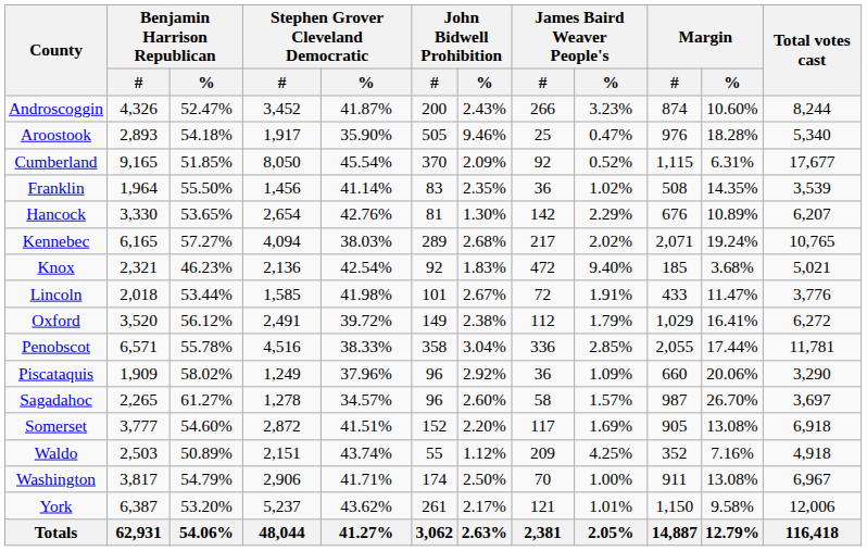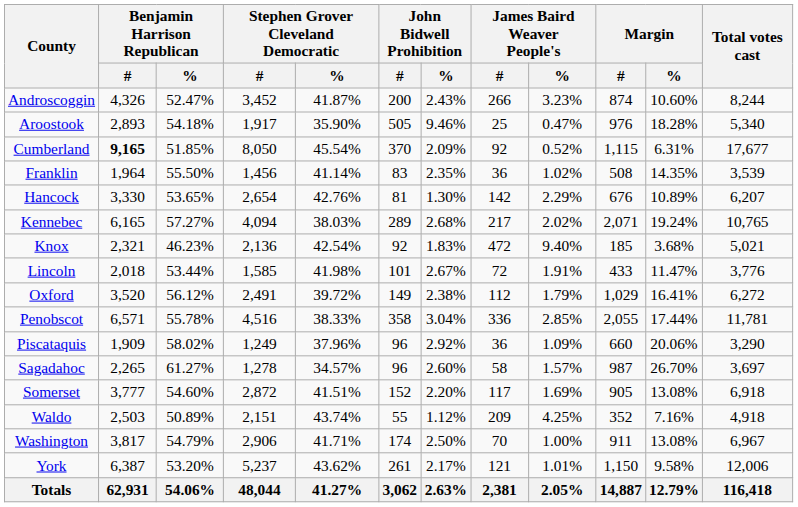 <table width="65%" class="wikitable sortable">
 <tr>
 <th style="text-align:center;" rowspan="2">County</th>
 <th style="text-align:center;" colspan="2">Benjamin Harrison<br>Republican</th>
 <th style="text-align:center;" colspan="2">Stephen Grover Cleveland<br>Democratic</th>
 <th style="text-align:center;" colspan="2">John Bidwell<br>Prohibition</th>
 <th style="text-align:center;" colspan="2">James Baird Weaver<br>People's</th>
 <th style="text-align:center;" colspan="2">Margin</th>
 <th style="text-align:center;" rowspan="2">Total votes cast</th>
 </tr>
 <tr>
 <th style="text-align:center;" data-sort-type="number">#</th>
 <th style="text-align:center;" data-sort-type="number">%</th>
 <th style="text-align:center;" data-sort-type="number">#</th>
 <th style="text-align:center;" data-sort-type="number">%</th>
 <th style="text-align:center;" data-sort-type="number">#</th>
 <th style="text-align:center;" data-sort-type="number">%</th>
 <th style="text-align:center;" data-sort-type="number">#</th>
 <th style="text-align:center;" data-sort-type="number">%</th>
 <th style="text-align:center;" data-sort-type="number">#</th>
 <th style="text-align:center;" data-sort-type="number">%</th>
 </tr>
 <tr style="text-align:center;">
 <td><a href='#'>Androscoggin</a></td>
 <td>4,326</td>
 <td>52.47%</td>
 <td>3,452</td>
 <td>41.87%</td>
 <td>200</td>
 <td>2.43%</td>
 <td>266</td>
 <td>3.23%</td>
 <td>874</td>
 <td>10.60%</td>
 <td>8,244</td>
 </tr>
 <tr style="text-align:center;">
 <td><a href='#'>Aroostook</a></td>
 <td>2,893</td>
 <td>54.18%</td>
 <td>1,917</td>
 <td>35.90%</td>
 <td>505</td>
 <td>9.46%</td>
 <td>25</td>
 <td>0.47%</td>
 <td>976</td>
 <td>18.28%</td>
 <td>5,340</td>
 </tr>
 <tr style="text-align:center;">
 <td><a href='#'>Cumberland</a></td>
-<td>9,165</td>
+<td><strong>9,165</strong></td>
 <td>51.85%</td>
 <td>8,050</td>
 <td>45.54%</td>
 <td>370</td>
 <td>2.09%</td>
 <td>92</td>
 <td>0.52%</td>
 <td>1,115</td>
 <td>6.31%</td>
 <td>17,677</td>
 </tr>
 <tr style="text-align:center;">
 <td><a href='#'>Franklin</a></td>
 <td>1,964</td>
 <td>55.50%</td>
 <td>1,456</td>
 <td>41.14%</td>
 <td>83</td>
 <td>2.35%</td>
 <td>36</td>
 <td>1.02%</td>
 <td>508</td>
 <td>14.35%</td>
 <td>3,539</td>
 </tr>
 <tr style="text-align:center;">
 <td><a href='#'>Hancock</a></td>
 <td>3,330</td>
 <td>53.65%</td>
 <td>2,654</td>
 <td>42.76%</td>
 <td>81</td>
 <td>1.30%</td>
 <td>142</td>
 <td>2.29%</td>
 <td>676</td>
 <td>10.89%</td>
 <td>6,207</td>
 </tr>
 <tr style="text-align:center;">
 <td><a href='#'>Kennebec</a></td>
 <td>6,165</td>
 <td>57.27%</td>
 <td>4,094</td>
 <td>38.03%</td>
 <td>289</td>
 <td>2.68%</td>
 <td>217</td>
 <td>2.02%</td>
 <td>2,071</td>
 <td>19.24%</td>
 <td>10,765</td>
 </tr>
 <tr style="text-align:center;">
 <td><a href='#'>Knox</a></td>
 <td>2,321</td>
 <td>46.23%</td>
 <td>2,136</td>
 <td>42.54%</td>
 <td>92</td>
 <td>1.83%</td>
 <td>472</td>
 <td>9.40%</td>
 <td>185</td>
 <td>3.68%</td>
 <td>5,021</td>
 </tr>
 <tr style="text-align:center;">
 <td><a href='#'>Lincoln</a></td>
 <td>2,018</td>
 <td>53.44%</td>
 <td>1,585</td>
 <td>41.98%</td>
 <td>101</td>
 <td>2.67%</td>
 <td>72</td>
 <td>1.91%</td>
 <td>433</td>
 <td>11.47%</td>
 <td>3,776</td>
 </tr>
 <tr style="text-align:center;">
 <td><a href='#'>Oxford</a></td>
 <td>3,520</td>
 <td>56.12%</td>
 <td>2,491</td>
 <td>39.72%</td>
 <td>149</td>
 <td>2.38%</td>
 <td>112</td>
 <td>1.79%</td>
 <td>1,029</td>
 <td>16.41%</td>
 <td>6,272</td>
 </tr>
 <tr style="text-align:center;">
 <td><a href='#'>Penobscot</a></td>
 <td>6,571</td>
 <td>55.78%</td>
 <td>4,516</td>
 <td>38.33%</td>
 <td>358</td>
 <td>3.04%</td>
 <td>336</td>
 <td>2.85%</td>
 <td>2,055</td>
 <td>17.44%</td>
 <td>11,781</td>
 </tr>
 <tr style="text-align:center;">
 <td><a href='#'>Piscataquis</a></td>
 <td>1,909</td>
 <td>58.02%</td>
 <td>1,249</td>
 <td>37.96%</td>
 <td>96</td>
 <td>2.92%</td>
 <td>36</td>
 <td>1.09%</td>
 <td>660</td>
 <td>20.06%</td>
 <td>3,290</td>
 </tr>
 <tr style="text-align:center;">
 <td><a href='#'>Sagadahoc</a></td>
 <td>2,265</td>
 <td>61.27%</td>
 <td>1,278</td>
 <td>34.57%</td>
 <td>96</td>
 <td>2.60%</td>
 <td>58</td>
 <td>1.57%</td>
 <td>987</td>
 <td>26.70%</td>
 <td>3,697</td>
 </tr>
 <tr style="text-align:center;">
 <td><a href='#'>Somerset</a></td>
 <td>3,777</td>
 <td>54.60%</td>
 <td>2,872</td>
 <td>41.51%</td>
 <td>152</td>
 <td>2.20%</td>
 <td>117</td>
 <td>1.69%</td>
 <td>905</td>
 <td>13.08%</td>
 <td>6,918</td>
 </tr>
 <tr style="text-align:center;">
 <td><a href='#'>Waldo</a></td>
 <td>2,503</td>
 <td>50.89%</td>
 <td>2,151</td>
 <td>43.74%</td>
 <td>55</td>
 <td>1.12%</td>
 <td>209</td>
 <td>4.25%</td>
 <td>352</td>
 <td>7.16%</td>
 <td>4,918</td>
 </tr>
 <tr style="text-align:center;">
 <td><a href='#'>Washington</a></td>
 <td>3,817</td>
 <td>54.79%</td>
 <td>2,906</td>
 <td>41.71%</td>
 <td>174</td>
 <td>2.50%</td>
 <td>70</td>
 <td>1.00%</td>
 <td>911</td>
 <td>13.08%</td>
 <td>6,967</td>
 </tr>
 <tr style="text-align:center;">
 <td><a href='#'>York</a></td>
 <td>6,387</td>
 <td>53.20%</td>
 <td>5,237</td>
 <td>43.62%</td>
 <td>261</td>
 <td>2.17%</td>
 <td>121</td>
 <td>1.01%</td>
 <td>1,150</td>
 <td>9.58%</td>
 <td>12,006</td>
 </tr>
 <tr style="text-align:center;">
 <th>Totals</th>
 <th>62,931</th>
 <th>54.06%</th>
 <th>48,044</th>
 <th>41.27%</th>
 <th>3,062</th>
 <th>2.63%</th>
 <th>2,381</th>
 <th>2.05%</th>
 <th>14,887</th>
 <th>12.79%</th>
 <th>116,418</th>
 </tr>
 </table>
